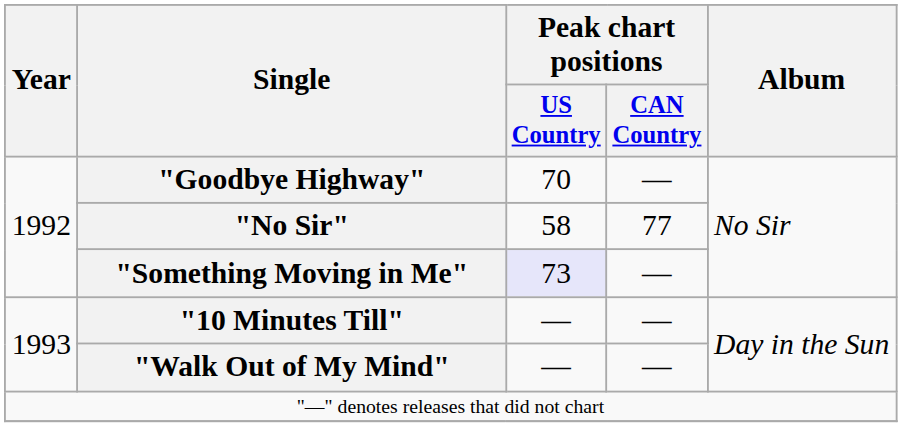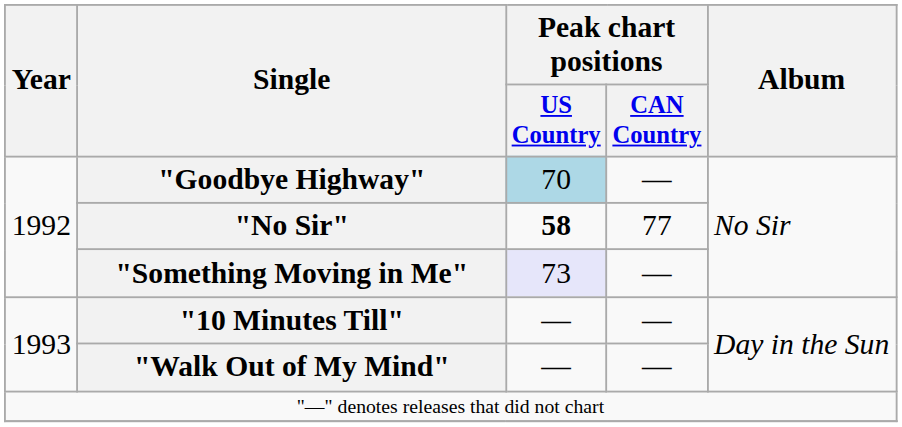 <table class="wikitable plainrowheaders" style="text-align:center;">
 <tr>
 <th rowspan="2">Year</th>
 <th rowspan="2" style="width:14em;">Single</th>
 <th colspan="2">Peak chart<br>positions</th>
 <th rowspan="2">Album</th>
 </tr>
 <tr style="font-size:smaller;">
 <th width="45"><a href='#'>US Country</a></th>
 <th width="45"><a href='#'>CAN Country</a></th>
 </tr>
 <tr>
 <td rowspan="3">1992</td>
 <th scope="row">"Goodbye Highway"</th>
-<td>70</td>
+<td style="background: lightblue;">70</td>
 <td>—</td>
 <td align="left" rowspan="3"><em>No Sir</em></td>
 </tr>
 <tr>
 <th scope="row">"No Sir"</th>
-<td>58</td>
+<td><strong>58</strong></td>
 <td>77</td>
 </tr>
 <tr>
 <th scope="row">"Something Moving in Me"</th>
 <td style="background: lavender;">73</td>
 <td>—</td>
 </tr>
 <tr>
 <td rowspan="2">1993</td>
 <th scope="row">"10 Minutes Till"</th>
 <td>—</td>
 <td>—</td>
 <td rowspan="2" align="left"><em>Day in the Sun</em></td>
 </tr>
 <tr>
 <th scope="row">"Walk Out of My Mind"</th>
 <td>—</td>
 <td>—</td>
 </tr>
 <tr>
 <td colspan="5" style="font-size:8pt">"—" denotes releases that did not chart</td>
 </tr>
 <tr>
 </tr>
 </table>
